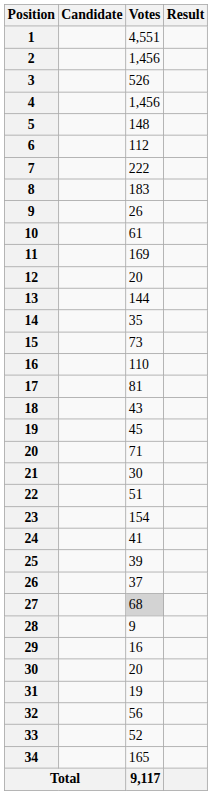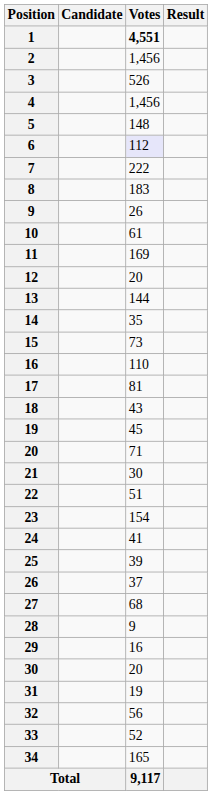 <table class="wikitable sortable col3right">
 <tr>
 <th scope="col">Position</th>
 <th scope="col">Candidate</th>
 <th scope="col">Votes</th>
 <th scope="col">Result</th>
 </tr>
 <tr>
 <th scope="row">1</th>
 <td></td>
-<td>4,551</td>
+<td><strong>4,551</strong></td>
 <td></td>
 </tr>
 <tr>
 <th scope="row">2</th>
 <td></td>
 <td>1,456</td>
 <td></td>
 </tr>
 <tr>
 <th scope="row">3</th>
 <td></td>
 <td>526</td>
 <td></td>
 </tr>
 <tr>
 <th scope="row">4</th>
 <td></td>
 <td>1,456</td>
 <td></td>
 </tr>
 <tr>
 <th scope="row">5</th>
 <td></td>
 <td>148</td>
 <td></td>
 </tr>
 <tr>
 <th scope="row">6</th>
 <td></td>
-<td>112</td>
+<td style="background: lavender;">112</td>
 <td></td>
 </tr>
 <tr>
 <th scope="row">7</th>
 <td></td>
 <td>222</td>
 <td></td>
 </tr>
 <tr>
 <th scope="row">8</th>
 <td></td>
 <td>183</td>
 <td></td>
 </tr>
 <tr>
 <th scope="row">9</th>
 <td></td>
 <td>26</td>
 <td></td>
 </tr>
 <tr>
 <th scope="row">10</th>
 <td></td>
 <td>61</td>
 <td></td>
 </tr>
 <tr>
 <th scope="row">11</th>
 <td></td>
 <td>169</td>
 <td></td>
 </tr>
 <tr>
 <th scope="row">12</th>
 <td></td>
 <td>20</td>
 <td></td>
 </tr>
 <tr>
 <th scope="row">13</th>
 <td></td>
 <td>144</td>
 <td></td>
 </tr>
 <tr>
 <th scope="row">14</th>
 <td></td>
 <td>35</td>
 <td></td>
 </tr>
 <tr>
 <th scope="row">15</th>
 <td></td>
 <td>73</td>
 <td></td>
 </tr>
 <tr>
 <th scope="row">16</th>
 <td></td>
 <td>110</td>
 <td></td>
 </tr>
 <tr>
 <th scope="row">17</th>
 <td></td>
 <td>81</td>
 <td></td>
 </tr>
 <tr>
 <th scope="row">18</th>
 <td></td>
 <td>43</td>
 <td></td>
 </tr>
 <tr>
 <th scope="row">19</th>
 <td></td>
 <td>45</td>
 <td></td>
 </tr>
 <tr>
 <th scope="row">20</th>
 <td></td>
 <td>71</td>
 <td></td>
 </tr>
 <tr>
 <th scope="row">21</th>
 <td></td>
 <td>30</td>
 <td></td>
 </tr>
 <tr>
 <th scope="row">22</th>
 <td></td>
 <td>51</td>
 <td></td>
 </tr>
 <tr>
 <th scope="row">23</th>
 <td></td>
 <td>154</td>
 <td></td>
 </tr>
 <tr>
 <th scope="row">24</th>
 <td></td>
 <td>41</td>
 <td></td>
 </tr>
 <tr>
 <th scope="row">25</th>
 <td></td>
 <td>39</td>
 <td></td>
 </tr>
 <tr>
 <th scope="row">26</th>
 <td></td>
 <td>37</td>
 <td></td>
 </tr>
 <tr>
 <th scope="row">27</th>
 <td></td>
-<td style="background: lightgrey;">68</td>
+<td>68</td>
 <td></td>
 </tr>
 <tr>
 <th scope="row">28</th>
 <td></td>
 <td>9</td>
 <td></td>
 </tr>
 <tr>
 <th scope="row">29</th>
 <td></td>
 <td>16</td>
 <td></td>
 </tr>
 <tr>
 <th scope="row">30</th>
 <td></td>
 <td>20</td>
 <td></td>
 </tr>
 <tr>
 <th scope="row">31</th>
 <td></td>
 <td>19</td>
 <td></td>
 </tr>
 <tr>
 <th scope="row">32</th>
 <td></td>
 <td>56</td>
 <td></td>
 </tr>
 <tr>
 <th scope="row">33</th>
 <td></td>
 <td>52</td>
 <td></td>
 </tr>
 <tr>
 <th scope="row">34</th>
 <td></td>
 <td>165</td>
 <td></td>
 </tr>
 <tr class=sortbottom>
 <th scope="row" colspan="2">Total</th>
 <th style="text-align:right">9,117</th>
 <th></th>
 </tr>
 </table>
